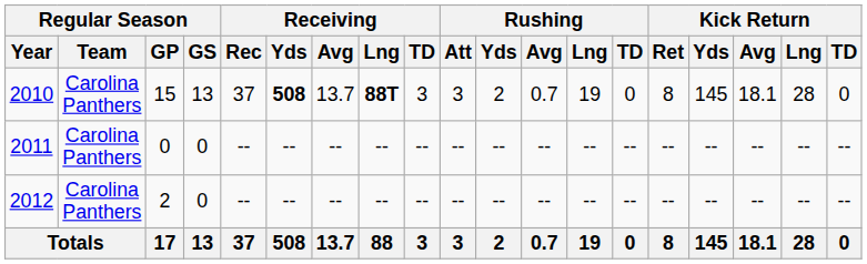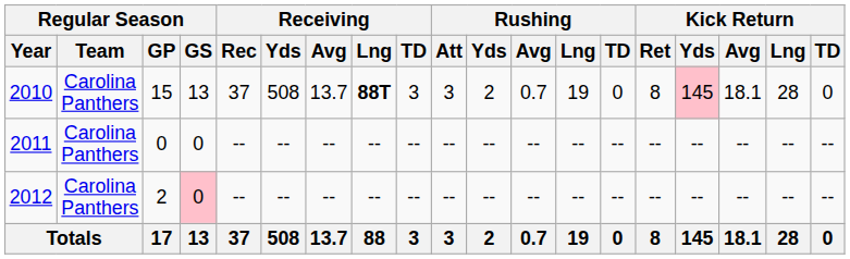 <table class="wikitable" style="text-align:center">
 <tr>
 <th colspan="4">Regular Season</th>
 <th colspan="5">Receiving</th>
 <th colspan="5">Rushing</th>
 <th colspan="5">Kick Return</th>
 </tr>
 <tr>
 <th>Year</th>
 <th>Team</th>
 <th>GP</th>
 <th>GS</th>
 <th>Rec</th>
 <th>Yds</th>
 <th>Avg</th>
 <th>Lng</th>
 <th>TD</th>
 <th>Att</th>
 <th>Yds</th>
 <th>Avg</th>
 <th>Lng</th>
 <th>TD</th>
 <th>Ret</th>
 <th>Yds</th>
 <th>Avg</th>
 <th>Lng</th>
 <th>TD</th>
 </tr>
 <tr>
 <td><a href='#'>2010</a></td>
 <td><a href='#'>Carolina Panthers</a></td>
 <td>15</td>
 <td>13</td>
 <td>37</td>
-<td><strong>508</strong></td>
+<td>508</td>
 <td>13.7</td>
 <td><strong>88T</strong></td>
 <td>3</td>
 <td>3</td>
 <td>2</td>
 <td>0.7</td>
 <td>19</td>
 <td>0</td>
 <td>8</td>
-<td>145</td>
+<td style="background: pink;">145</td>
 <td>18.1</td>
 <td>28</td>
 <td>0</td>
 </tr>
 <tr>
 <td><a href='#'>2011</a></td>
 <td><a href='#'>Carolina Panthers</a></td>
 <td>0</td>
 <td>0</td>
 <td>--</td>
 <td>--</td>
 <td>--</td>
 <td>--</td>
 <td>--</td>
 <td>--</td>
 <td>--</td>
 <td>--</td>
 <td>--</td>
 <td>--</td>
 <td>--</td>
 <td>--</td>
 <td>--</td>
 <td>--</td>
 <td>--</td>
 </tr>
 <tr>
 <td><a href='#'>2012</a></td>
 <td><a href='#'>Carolina Panthers</a></td>
 <td>2</td>
-<td>0</td>
+<td style="background: pink;">0</td>
 <td>--</td>
 <td>--</td>
 <td>--</td>
 <td>--</td>
 <td>--</td>
 <td>--</td>
 <td>--</td>
 <td>--</td>
 <td>--</td>
 <td>--</td>
 <td>--</td>
 <td>--</td>
 <td>--</td>
 <td>--</td>
 <td>--</td>
 </tr>
 <tr>
 <th colspan="2">Totals</th>
 <th>17</th>
 <th>13</th>
 <th>37</th>
 <th>508</th>
 <th>13.7</th>
 <th>88</th>
 <th>3</th>
 <th>3</th>
 <th>2</th>
 <th>0.7</th>
 <th>19</th>
 <th>0</th>
 <th>8</th>
 <th>145</th>
 <th>18.1</th>
 <th>28</th>
 <th>0</th>
 </tr>
 </table>
